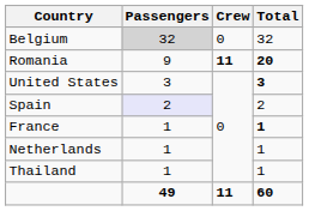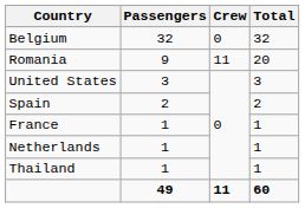 <table class="sortable wikitable floatright" style="font-size: 85%;">
 <tr>
 <th>Country</th>
 <th>Passengers</th>
 <th>Crew</th>
 <th>Total</th>
 </tr>
 <tr>
 <td>Belgium</td>
-<td style="background: lightgrey; text-align:center;">32</td>
+<td style="text-align:center;">32</td>
 <td>0</td>
 <td>32</td>
 </tr>
 <tr>
 <td>Romania</td>
 <td style="text-align:center;">9</td>
-<td><strong>11</strong></td>
-<td><strong>20</strong></td>
+<td>11</td>
+<td>20</td>
 </tr>
 <tr>
 <td>United States</td>
 <td style="text-align:center;">3</td>
 <td rowspan="5">0</td>
-<td><strong>3</strong></td>
+<td>3</td>
 </tr>
 <tr>
 <td>Spain</td>
-<td style="background: lavender; text-align:center;">2</td>
+<td style="text-align:center;">2</td>
 <td>2</td>
 </tr>
 <tr>
 <td>France</td>
 <td style="text-align:center;">1</td>
-<td><strong>1</strong></td>
+<td>1</td>
 </tr>
 <tr>
 <td>Netherlands</td>
 <td style="text-align:center;">1</td>
 <td>1</td>
 </tr>
 <tr>
 <td>Thailand</td>
 <td style="text-align:center;">1</td>
 <td>1</td>
 </tr>
 <tr class="sortbottom">
 <td></td>
 <td style="text-align:center;"><strong>49</strong></td>
 <td><strong>11</strong></td>
 <td><strong>60</strong></td>
 </tr>
 </table>
